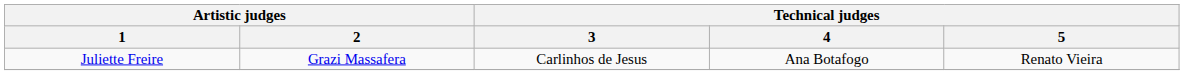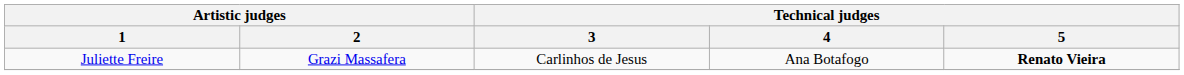 <table class="wikitable" style="font-size:100%; line-height:16px; text-align:center" width="100%">
 <tr>
 <th colspan=2>Artistic judges</th>
 <th colspan=3>Technical judges</th>
 </tr>
 <tr>
 <th width="20.0%">1</th>
 <th width="20.0%">2</th>
 <th width="20.0%">3</th>
 <th width="20.0%">4</th>
 <th width="20.0%">5</th>
 </tr>
 <tr>
 <td><a href='#'>Juliette Freire</a></td>
 <td><a href='#'>Grazi Massafera</a></td>
 <td>Carlinhos de Jesus</td>
 <td>Ana Botafogo</td>
-<td>Renato Vieira</td>
+<td><strong>Renato Vieira</strong></td>
 </tr>
 <tr>
 </tr>
 </table>
